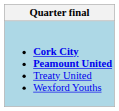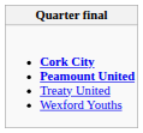 <table class="wikitable">
 <tr>
 <th>Quarter final</th>
 </tr>
 <tr>
-<td valign="top" style="background: lightblue;"><br><ul><li><strong><a href='#'>Cork City</a></strong></li><li><strong><a href='#'>Peamount United</a></strong></li><li><a href='#'>Treaty United</a></li><li><a href='#'>Wexford Youths</a></li></ul></td>
+<td valign="top"><br><ul><li><strong><a href='#'>Cork City</a></strong></li><li><strong><a href='#'>Peamount United</a></strong></li><li><a href='#'>Treaty United</a></li><li><a href='#'>Wexford Youths</a></li></ul></td>
 </tr>
 </table>
